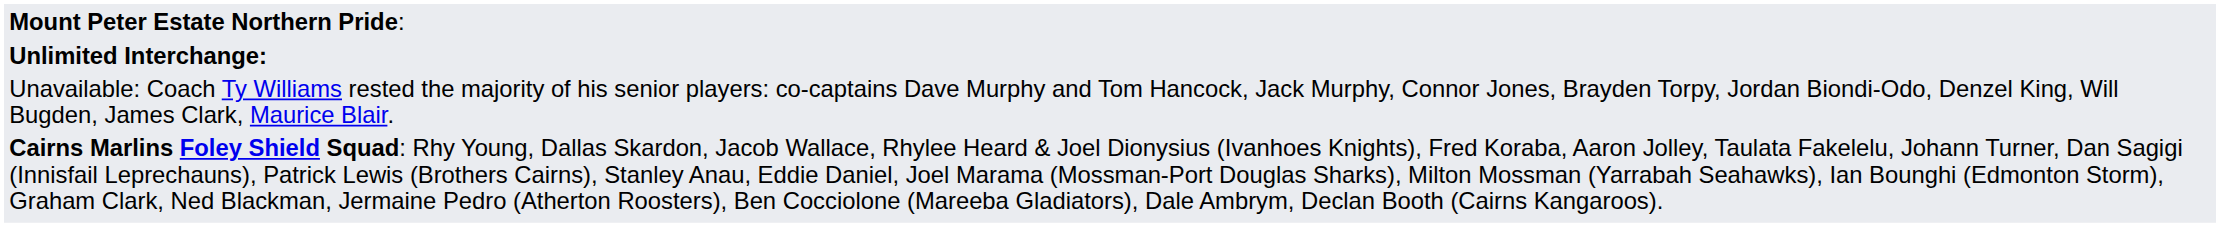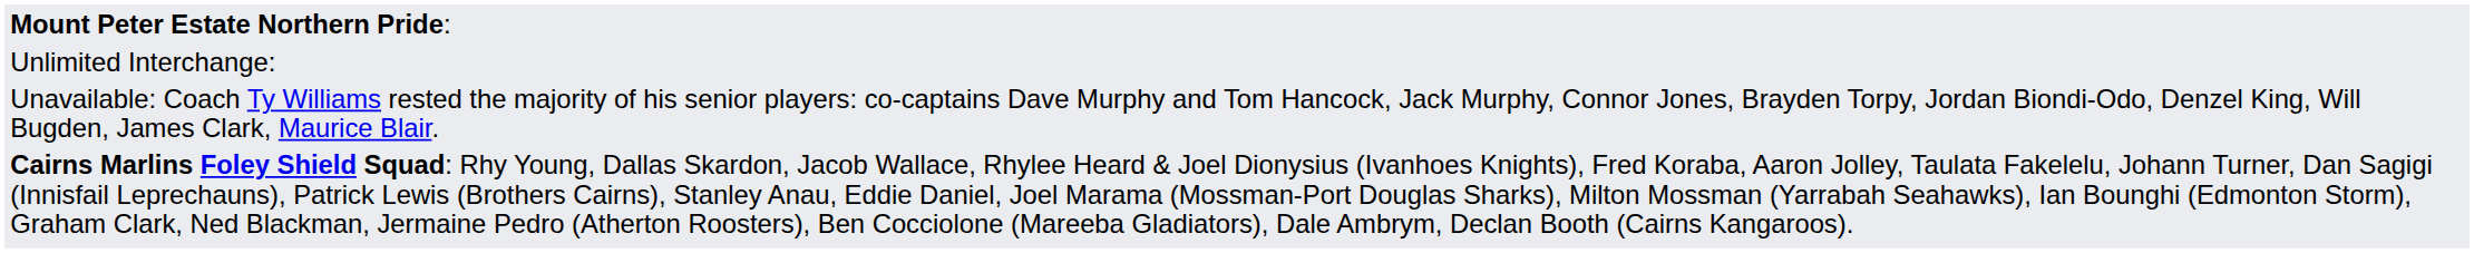 <table style="background:#eaecf0; font-size:85%; width:100%;">
 <tr>
 <td><strong>Mount Peter Estate Northern Pride</strong>:             </td>
 </tr>
 <tr>
-<td><strong>Unlimited Interchange:       </strong></td>
+<td>Unlimited Interchange:       </td>
 </tr>
 <tr>
 <td>Unavailable: Coach <a href='#'>Ty Williams</a> rested the majority of his senior players: co-captains Dave Murphy and Tom Hancock, Jack Murphy, Connor Jones, Brayden Torpy, Jordan Biondi-Odo, Denzel King, Will Bugden, James Clark, <a href='#'>Maurice Blair</a>.</td>
 </tr>
 <tr>
 <td><strong>Cairns Marlins <a href='#'>Foley Shield</a> Squad</strong>: Rhy Young, Dallas Skardon, Jacob Wallace, Rhylee Heard & Joel Dionysius (Ivanhoes Knights), Fred Koraba, Aaron Jolley, Taulata Fakelelu, Johann Turner, Dan Sagigi (Innisfail Leprechauns), Patrick Lewis (Brothers Cairns), Stanley Anau, Eddie Daniel, Joel Marama (Mossman-Port Douglas Sharks), Milton Mossman (Yarrabah Seahawks), Ian Bounghi (Edmonton Storm), Graham Clark, Ned Blackman, Jermaine Pedro (Atherton Roosters), Ben Cocciolone (Mareeba Gladiators), Dale Ambrym, Declan Booth (Cairns Kangaroos).</td>
 </tr>
 <tr>
 </tr>
 </table>
